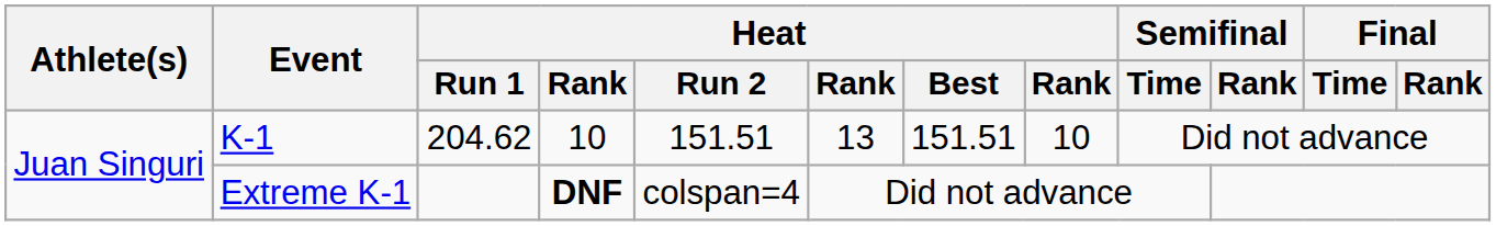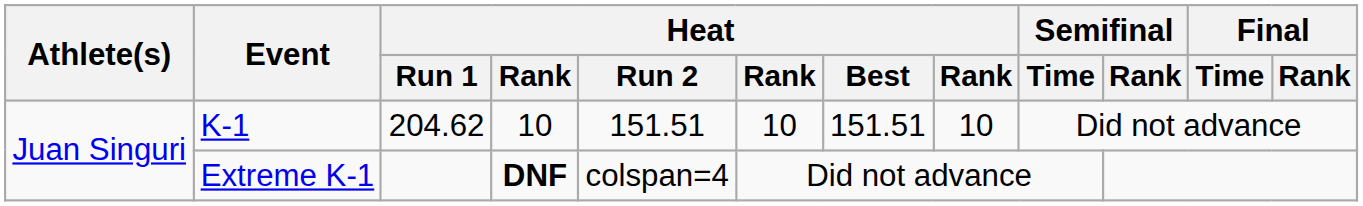 <table class="wikitable" style="font-size:90%">
 <tr>
 <th rowspan=2>Athlete(s)</th>
 <th rowspan=2>Event</th>
 <th colspan="6">Heat</th>
 <th colspan="2">Semifinal</th>
 <th colspan="2">Final</th>
 </tr>
 <tr style="font-size:95%">
 <th>Run 1</th>
 <th>Rank</th>
 <th>Run 2</th>
 <th>Rank</th>
 <th>Best</th>
 <th>Rank</th>
 <th>Time</th>
 <th>Rank</th>
 <th>Time</th>
 <th>Rank</th>
 </tr>
 <tr align=center>
 <td align=left rowspan="2"><a href='#'>Juan Singuri</a></td>
 <td align=left><a href='#'>K-1</a></td>
 <td>204.62</td>
 <td>10</td>
 <td>151.51</td>
-<td>13</td>
+<td>10</td>
 <td>151.51</td>
 <td>10</td>
 <td colspan=4>Did not advance</td>
 </tr>
 <tr align=center>
 <td align=left><a href='#'>Extreme K-1</a></td>
 <td></td>
 <td><strong>DNF</strong></td>
 <td>colspan=4 </td>
 <td colspan=4>Did not advance</td>
 </tr>
 </table>
